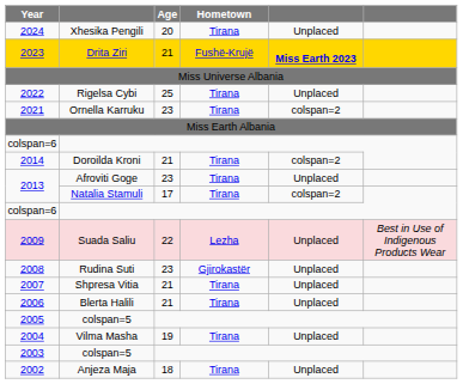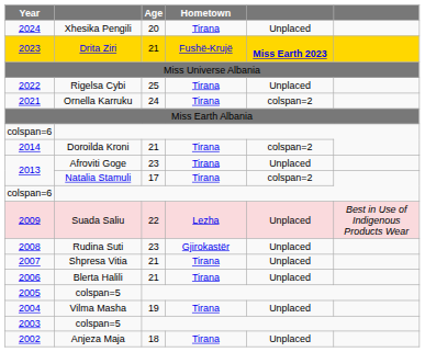 <table class="wikitable" style="font-size: 90%; text-align:center">
 <tr>
 <th width="30" style="background-color:#787878;color:#FFFFFF;">Year</th>
 <th width="250" style="background-color:#787878;color:#FFFFFF;"></th>
 <th width="30" style="background-color:#787878;color:#FFFFFF;">Age</th>
 <th width="200" style="background-color:#787878;color:#FFFFFF;">Hometown</th>
 <th width="250" style="background-color:#787878;color:#FFFFFF;"></th>
 <th width="230" style="background-color:#787878;color:#FFFFFF;"></th>
 </tr>
 <tr>
 <td><a href='#'>2024</a></td>
 <td>Xhesika Pengili</td>
 <td>20</td>
 <td><a href='#'>Tirana</a></td>
 <td>Unplaced</td>
 <td></td>
 </tr>
 <tr style="background:gold">
 <td><a href='#'>2023</a></td>
 <td><a href='#'>Drita Ziri</a></td>
 <td>21</td>
 <td><a href='#'>Fushë-Krujë</a></td>
 <td><br><strong><a href='#'>Miss Earth 2023</a></strong></td>
 <td></td>
 </tr>
 <tr bgcolor="#787878" align="center">
 <td colspan="6"><span>Miss Universe Albania</span></td>
 </tr>
 <tr>
 <td><a href='#'>2022</a></td>
 <td>Rigelsa Cybi</td>
 <td>25</td>
 <td><a href='#'>Tirana</a></td>
 <td>Unplaced</td>
 <td></td>
 </tr>
 <tr>
 <td><a href='#'>2021</a></td>
 <td>Ornella Karruku</td>
-<td>23</td>
+<td>24</td>
 <td><a href='#'>Tirana</a></td>
 <td>colspan=2 </td>
 </tr>
 <tr bgcolor="#787878" align="center">
 <td colspan="6"><span>Miss Earth Albania</span></td>
 </tr>
 <tr>
 <td>colspan=6 </td>
 </tr>
 <tr>
 <td><a href='#'>2014</a></td>
 <td>Doroilda Kroni</td>
 <td>21</td>
 <td><a href='#'>Tirana</a></td>
 <td>colspan=2 </td>
 </tr>
 <tr>
 <td rowspan="2"><a href='#'>2013</a></td>
 <td>Afroviti Goge</td>
 <td>23</td>
 <td><a href='#'>Tirana</a></td>
 <td>Unplaced</td>
 <td></td>
 </tr>
 <tr>
 <td><a href='#'>Natalia Stamuli</a></td>
 <td>17</td>
 <td><a href='#'>Tirana</a></td>
 <td>colspan=2 </td>
 </tr>
 <tr>
 <td>colspan=6 </td>
 </tr>
 <tr style="background-color:#FADADD;">
 <td><a href='#'>2009</a></td>
 <td>Suada Saliu</td>
 <td>22</td>
 <td><a href='#'>Lezha</a></td>
 <td>Unplaced</td>
 <td><em>Best in Use of Indigenous Products Wear</em></td>
 </tr>
 <tr>
 <td><a href='#'>2008</a></td>
 <td>Rudina Suti</td>
 <td>23</td>
 <td><a href='#'>Gjirokastër</a></td>
 <td>Unplaced</td>
 <td></td>
 </tr>
 <tr>
 <td><a href='#'>2007</a></td>
 <td>Shpresa Vitia</td>
 <td>21</td>
 <td><a href='#'>Tirana</a></td>
 <td>Unplaced</td>
 <td></td>
 </tr>
 <tr>
 <td><a href='#'>2006</a></td>
 <td>Blerta Halili</td>
 <td>21</td>
 <td><a href='#'>Tirana</a></td>
 <td>Unplaced</td>
 <td></td>
 </tr>
 <tr>
 <td><a href='#'>2005</a></td>
 <td>colspan=5 </td>
 </tr>
 <tr>
 <td><a href='#'>2004</a></td>
 <td>Vilma Masha</td>
 <td>19</td>
 <td><a href='#'>Tirana</a></td>
 <td>Unplaced</td>
 <td></td>
 </tr>
 <tr>
 <td><a href='#'>2003</a></td>
 <td>colspan=5 </td>
 </tr>
 <tr>
 <td><a href='#'>2002</a></td>
 <td>Anjeza Maja</td>
 <td>18</td>
 <td><a href='#'>Tirana</a></td>
 <td>Unplaced</td>
 <td></td>
 </tr>
 </table>
